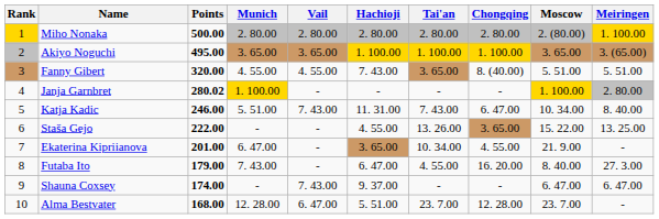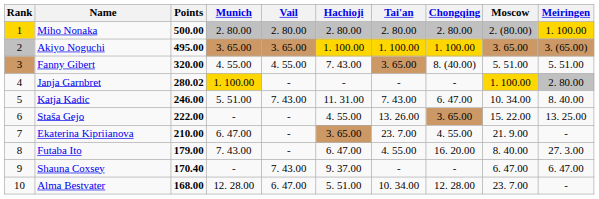 <table class="wikitable sortable">
 <tr>
 <th>Rank</th>
 <th width = "200">Name</th>
 <th>Points</th>
 <th width = "75" data-sort-type="number"><a href='#'>Munich</a></th>
 <th width = "75" data-sort-type="number"><a href='#'>Vail</a></th>
 <th width = "75" data-sort-type="number"><a href='#'>Hachioji</a></th>
 <th width = "75" data-sort-type="number"><a href='#'>Tai'an</a></th>
 <th width = "75" data-sort-type="number"><a href='#'>Chongqing</a></th>
 <th width = "75" data-sort-type="number">Moscow</th>
 <th width = "75" data-sort-type="number"><a href='#'>Meiringen</a></th>
 </tr>
 <tr>
 <td align="center" style="background: gold">1</td>
 <td> <a href='#'>Miho Nonaka</a></td>
 <td align="center"><strong>500.00</strong></td>
 <td align="center" style="background: silver">2. 80.00</td>
 <td align="center" style="background: silver">2. 80.00</td>
 <td align="center" style="background: silver">2. 80.00</td>
 <td align="center" style="background: silver">2. 80.00</td>
 <td align="center" style="background: silver">2. 80.00</td>
 <td align="center" style="background: silver">2. (80.00)</td>
 <td align="center" style="background: gold">1. 100.00</td>
 </tr>
 <tr>
 <td align="center" style="background: silver">2</td>
 <td> <a href='#'>Akiyo Noguchi</a></td>
 <td align="center"><strong>495.00</strong></td>
 <td align="center" style="background: #cc9966">3. 65.00</td>
 <td align="center" style="background: #cc9966">3. 65.00</td>
 <td align="center" style="background: gold">1. 100.00</td>
 <td align="center" style="background: gold">1. 100.00</td>
 <td align="center" style="background: gold">1. 100.00</td>
 <td align="center" style="background: #cc9966">3. 65.00</td>
 <td align="center" style="background: #cc9966">3. (65.00)</td>
 </tr>
 <tr>
 <td align="center" style="background: #cc9966">3</td>
 <td> <a href='#'>Fanny Gibert</a></td>
 <td align="center"><strong>	320.00</strong></td>
 <td align="center">4. 55.00</td>
 <td align="center">4. 55.00</td>
 <td align="center">7. 43.00</td>
 <td align="center" style="background: #cc9966">3. 65.00</td>
 <td align="center">8. (40.00)</td>
 <td align="center">5. 51.00</td>
 <td align="center">5. 51.00</td>
 </tr>
 <tr>
 <td align="center">4</td>
 <td> <a href='#'>Janja Garnbret</a></td>
 <td align="center"><strong>280.02</strong></td>
 <td align="center" style="background: gold">1. 100.00</td>
 <td align="center">-</td>
 <td align="center">-</td>
 <td align="center">-</td>
 <td align="center">-</td>
 <td align="center" style="background: gold">1. 100.00</td>
 <td align="center" style="background: silver">2. 80.00</td>
 </tr>
 <tr>
 <td align="center">5</td>
 <td> <a href='#'>Katja Kadic</a></td>
 <td align="center"><strong>246.00</strong></td>
 <td align="center">5. 51.00</td>
 <td align="center">7. 43.00</td>
 <td align="center">11. 31.00</td>
 <td align="center">7. 43.00</td>
 <td align="center">6. 47.00</td>
 <td align="center">10. 34.00</td>
 <td align="center">8. 40.00</td>
 </tr>
 <tr>
 <td align="center">6</td>
 <td> <a href='#'>Staša Gejo</a></td>
 <td align="center"><strong>222.00</strong></td>
 <td align="center">-</td>
 <td align="center">-</td>
 <td align="center">4. 55.00</td>
 <td align="center">13. 26.00</td>
 <td align="center" style="background: #cc9966">3. 65.00</td>
 <td align="center">15. 22.00</td>
 <td align="center">13. 25.00</td>
 </tr>
 <tr>
 <td align="center">7</td>
 <td> <a href='#'>Ekaterina Kipriianova</a></td>
-<td align="center"><strong>201.00</strong></td>
+<td align="center"><strong>210.00</strong></td>
 <td align="center">6. 47.00</td>
 <td align="center">-</td>
 <td align="center" style="background: #cc9966">3. 65.00</td>
-<td align="center">10. 34.00</td>
+<td align="center">23. 7.00</td>
 <td align="center">4. 55.00</td>
 <td align="center">21. 9.00</td>
 <td align="center">-</td>
 </tr>
 <tr>
 <td align="center">8</td>
 <td> <a href='#'>Futaba Ito</a></td>
 <td align="center"><strong>179.00</strong></td>
 <td align="center">7. 43.00</td>
 <td align="center">-</td>
 <td align="center">6. 47.00</td>
 <td align="center">4. 55.00</td>
 <td align="center">16. 20.00</td>
 <td align="center">8. 40.00</td>
 <td align="center">27. 3.00</td>
 </tr>
 <tr>
 <td align="center">9</td>
 <td> <a href='#'>Shauna Coxsey</a></td>
-<td align="center"><strong>174.00</strong></td>
+<td align="center"><strong>170.40</strong></td>
 <td align="center">-</td>
 <td align="center">7. 43.00</td>
 <td align="center">9. 37.00</td>
 <td align="center">-</td>
 <td align="center">-</td>
 <td align="center">6. 47.00</td>
 <td align="center">6. 47.00</td>
 </tr>
 <tr>
 <td align="center">10</td>
 <td> <a href='#'>Alma Bestvater</a></td>
 <td align="center"><strong>168.00</strong></td>
 <td align="center">12. 28.00</td>
 <td align="center">6. 47.00</td>
 <td align="center">5. 51.00</td>
-<td align="center">23. 7.00</td>
+<td align="center">10. 34.00</td>
 <td align="center">12. 28.00</td>
 <td align="center">23. 7.00</td>
 <td align="center">-</td>
 </tr>
 </table>
